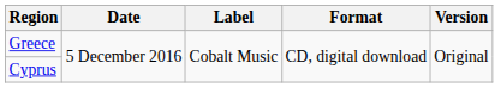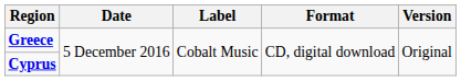 <table class="sortable wikitable">
 <tr>
 <th>Region</th>
 <th>Date</th>
 <th>Label</th>
 <th>Format</th>
 <th>Version</th>
 </tr>
 <tr>
-<td><a href='#'>Greece</a></td>
+<td><strong><a href='#'>Greece</a></strong></td>
 <td rowspan="2">5 December 2016</td>
 <td rowspan="4">Cobalt Music</td>
 <td rowspan="4">CD, digital download</td>
 <td rowspan="2">Original</td>
 </tr>
 <tr>
-<td><a href='#'>Cyprus</a></td>
+<td><strong><a href='#'>Cyprus</a></strong></td>
 </tr>
 </table>
